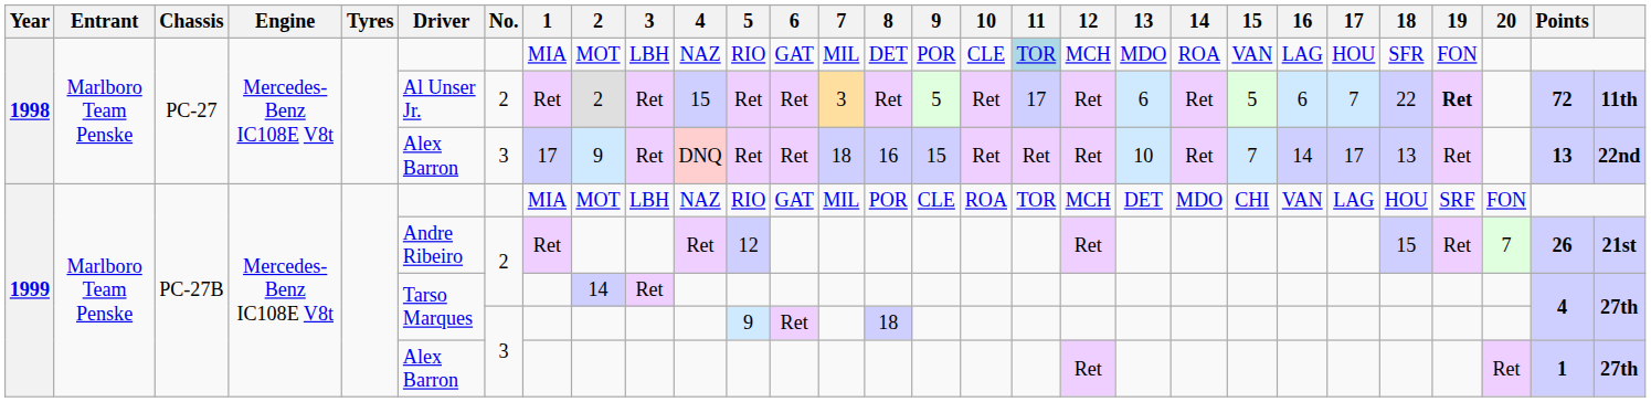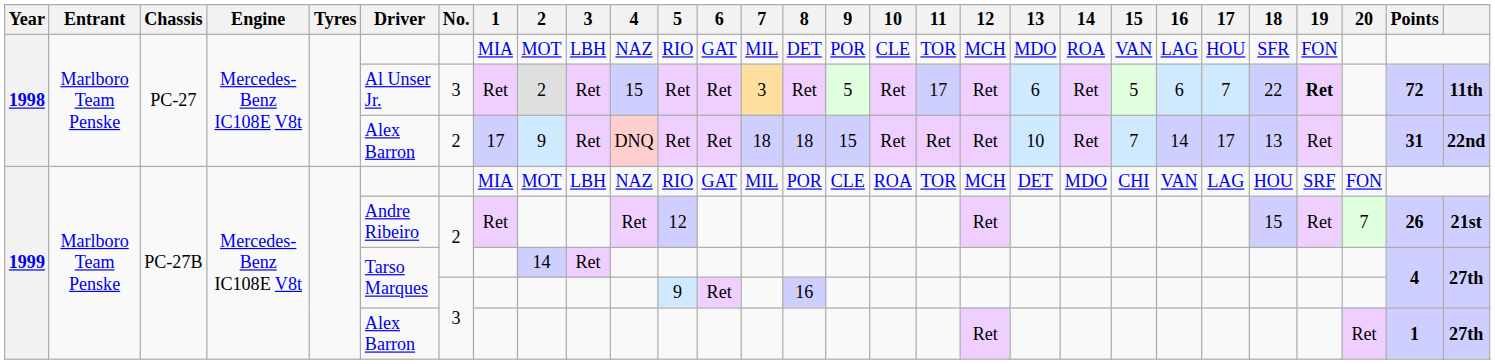 <table class="wikitable" style="text-align:center; font-size:95%">
 <tr>
 <th>Year</th>
 <th>Entrant</th>
 <th>Chassis</th>
 <th>Engine</th>
 <th>Tyres</th>
 <th>Driver</th>
 <th>No.</th>
 <th>1</th>
 <th>2</th>
 <th>3</th>
 <th>4</th>
 <th>5</th>
 <th>6</th>
 <th>7</th>
 <th>8</th>
 <th>9</th>
 <th>10</th>
 <th>11</th>
 <th>12</th>
 <th>13</th>
 <th>14</th>
 <th>15</th>
 <th>16</th>
 <th>17</th>
 <th>18</th>
 <th>19</th>
 <th>20</th>
 <th>Points</th>
 <th></th>
 </tr>
 <tr>
 <th rowspan=3><a href='#'>1998</a></th>
 <td rowspan=3><a href='#'>Marlboro Team Penske</a></td>
 <td rowspan=3>PC-27</td>
 <td rowspan=3><a href='#'>Mercedes-Benz IC108E</a> <a href='#'>V8</a><a href='#'>t</a></td>
 <td rowspan=3></td>
 <td></td>
 <td></td>
 <td><a href='#'>MIA</a></td>
 <td><a href='#'>MOT</a></td>
 <td><a href='#'>LBH</a></td>
 <td><a href='#'>NAZ</a></td>
 <td><a href='#'>RIO</a></td>
 <td><a href='#'>GAT</a></td>
 <td><a href='#'>MIL</a></td>
 <td><a href='#'>DET</a></td>
 <td><a href='#'>POR</a></td>
 <td><a href='#'>CLE</a></td>
-<td style="background: lightblue;"><a href='#'>TOR</a></td>
+<td><a href='#'>TOR</a></td>
 <td><a href='#'>MCH</a></td>
 <td><a href='#'>MDO</a></td>
 <td><a href='#'>ROA</a></td>
 <td><a href='#'>VAN</a></td>
 <td><a href='#'>LAG</a></td>
 <td><a href='#'>HOU</a></td>
 <td><a href='#'>SFR</a></td>
 <td><a href='#'>FON</a></td>
 <td></td>
 </tr>
 <tr>
 <td align="left"> <a href='#'>Al Unser Jr.</a></td>
-<td>2</td>
+<td>3</td>
 <td style="background:#EFCFFF;">Ret</td>
 <td style="background:#DFDFDF;">2</td>
 <td style="background:#EFCFFF;">Ret</td>
 <td style="background:#CFCFFF;">15</td>
 <td style="background:#EFCFFF;">Ret</td>
 <td style="background:#EFCFFF;">Ret</td>
 <td style="background:#ffdf9f;">3</td>
 <td style="background:#EFCFFF;">Ret</td>
 <td style="background:#dfffdf;">5</td>
 <td style="background:#EFCFFF;">Ret</td>
 <td style="background:#CFCFFF;">17</td>
 <td style="background:#EFCFFF;">Ret</td>
 <td style="background:#CFEAFF;">6</td>
 <td style="background:#EFCFFF;">Ret</td>
 <td style="background:#dfffdf;">5</td>
 <td style="background:#CFEAFF;">6</td>
 <td style="background:#CFEAFF;">7</td>
 <td style="background:#CFCFFF;">22</td>
 <td style="background:#EFCFFF;"><strong>Ret</strong></td>
 <td></td>
 <td style="background:#CFCFFF;"><strong>72</strong></td>
 <td style="background:#CFCFFF;"><strong>11th</strong></td>
 </tr>
 <tr>
 <td align="left"> <a href='#'>Alex Barron</a></td>
-<td>3</td>
+<td>2</td>
 <td style="background:#CFCFFF;">17</td>
 <td style="background:#CFEAFF;">9</td>
 <td style="background:#EFCFFF;">Ret</td>
 <td style="background:#FFCFCF;">DNQ</td>
 <td style="background:#EFCFFF;">Ret</td>
 <td style="background:#EFCFFF;">Ret</td>
 <td style="background:#CFCFFF;">18</td>
-<td style="background:#CFCFFF;">16</td>
+<td style="background:#CFCFFF;">18</td>
 <td style="background:#CFCFFF;">15</td>
 <td style="background:#EFCFFF;">Ret</td>
 <td style="background:#EFCFFF;">Ret</td>
 <td style="background:#EFCFFF;">Ret</td>
 <td style="background:#CFEAFF;">10</td>
 <td style="background:#EFCFFF;">Ret</td>
 <td style="background:#CFEAFF;">7</td>
 <td style="background:#CFCFFF;">14</td>
 <td style="background:#CFCFFF;">17</td>
 <td style="background:#CFCFFF;">13</td>
 <td style="background:#EFCFFF;">Ret</td>
 <td></td>
-<td style="background:#CFCFFF;"><strong>13</strong></td>
+<td style="background:#CFCFFF;"><strong>31</strong></td>
 <td style="background:#CFCFFF;"><strong>22nd</strong></td>
 </tr>
 <tr>
 <th rowspan=5><a href='#'>1999</a></th>
 <td rowspan=5><a href='#'>Marlboro Team Penske</a></td>
 <td rowspan=5>PC-27B</td>
 <td rowspan=5><a href='#'>Mercedes-Benz</a> IC108E <a href='#'>V8</a><a href='#'>t</a></td>
 <td rowspan=5></td>
 <td></td>
 <td></td>
 <td><a href='#'>MIA</a></td>
 <td><a href='#'>MOT</a></td>
 <td><a href='#'>LBH</a></td>
 <td><a href='#'>NAZ</a></td>
 <td><a href='#'>RIO</a></td>
 <td><a href='#'>GAT</a></td>
 <td><a href='#'>MIL</a></td>
 <td><a href='#'>POR</a></td>
 <td><a href='#'>CLE</a></td>
 <td><a href='#'>ROA</a></td>
 <td><a href='#'>TOR</a></td>
 <td><a href='#'>MCH</a></td>
 <td><a href='#'>DET</a></td>
 <td><a href='#'>MDO</a></td>
 <td><a href='#'>CHI</a></td>
 <td><a href='#'>VAN</a></td>
 <td><a href='#'>LAG</a></td>
 <td><a href='#'>HOU</a></td>
 <td><a href='#'>SRF</a></td>
 <td><a href='#'>FON</a></td>
 </tr>
 <tr>
 <td align="left"> <a href='#'>Andre Ribeiro</a></td>
 <td rowspan=2>2</td>
 <td style="background:#EFCFFF;">Ret</td>
 <td></td>
 <td></td>
 <td style="background:#EFCFFF;">Ret</td>
 <td style="background:#CFCFFF;">12</td>
 <td></td>
 <td></td>
 <td></td>
 <td></td>
 <td></td>
 <td></td>
 <td style="background:#EFCFFF;">Ret</td>
 <td></td>
 <td></td>
 <td></td>
 <td></td>
 <td></td>
 <td style="background:#CFCFFF;">15</td>
 <td style="background:#EFCFFF;">Ret</td>
 <td style="background:#DFFFDF;">7</td>
 <td style="background:#CFCFFF;"><strong>26</strong></td>
 <td style="background:#CFCFFF;"><strong>21st</strong></td>
 </tr>
 <tr>
 <td rowspan=2 align="left"> <a href='#'>Tarso Marques</a></td>
 <td></td>
 <td style="background:#CFCFFF;">14</td>
 <td style="background:#EFCFFF;">Ret</td>
 <td></td>
 <td></td>
 <td></td>
 <td></td>
 <td></td>
 <td></td>
 <td></td>
 <td></td>
 <td></td>
 <td></td>
 <td></td>
 <td></td>
 <td></td>
 <td></td>
 <td></td>
 <td></td>
 <td></td>
 <td rowspan=2 style="background:#CFCFFF;"><strong>4</strong></td>
 <td rowspan=2 style="background:#CFCFFF;"><strong>27th</strong></td>
 </tr>
 <tr>
 <td rowspan=2>3</td>
 <td></td>
 <td></td>
 <td></td>
 <td></td>
 <td style="background:#CFEAFF;">9</td>
 <td style="background:#EFCFFF;">Ret</td>
 <td></td>
-<td style="background:#CFCFFF;">18</td>
+<td style="background:#CFCFFF;">16</td>
 <td></td>
 <td></td>
 <td></td>
 <td></td>
 <td></td>
 <td></td>
 <td></td>
 <td></td>
 <td></td>
 <td></td>
 <td></td>
 <td></td>
 </tr>
 <tr>
 <td align="left"> <a href='#'>Alex Barron</a></td>
 <td></td>
 <td></td>
 <td></td>
 <td></td>
 <td></td>
 <td></td>
 <td></td>
 <td></td>
 <td></td>
 <td></td>
 <td></td>
 <td style="background:#EFCFFF;">Ret</td>
 <td></td>
 <td></td>
 <td></td>
 <td></td>
 <td></td>
 <td></td>
 <td></td>
 <td style="background:#EFCFFF;">Ret</td>
 <td style="background:#CFCFFF;"><strong>1</strong></td>
 <td style="background:#CFCFFF;"><strong>27th</strong></td>
 </tr>
 </table>
